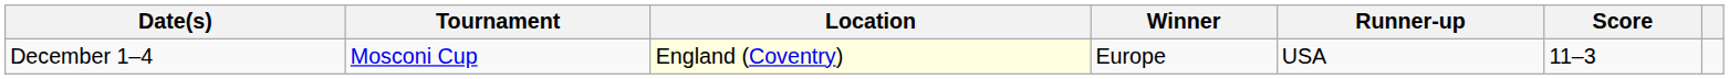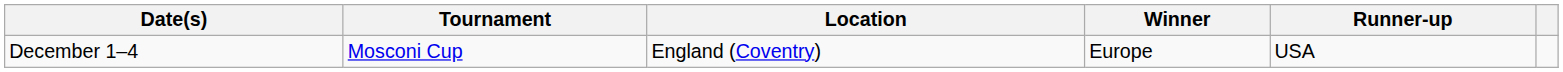 <table class="sortable wikitable" width="100%" cellpadding="5" style="margin: 1em auto 1em auto">
 <tr>
 <th scope="col">Date(s)</th>
 <th scope="col">Tournament</th>
 <th scope="col">Location</th>
 <th scope="col" class="unsortable">Winner</th>
 <th scope="col" class="unsortable">Runner-up</th>
-<th scope="col" class="unsortable">Score</th>
 <th scope="col" class="unsortable"></th>
 </tr>
 <tr>
 <td scope="row">December 1–4</td>
 <td><a href='#'>Mosconi Cup</a></td>
-<td style="background: lightyellow;">England (<a href='#'>Coventry</a>)</td>
+<td>England (<a href='#'>Coventry</a>)</td>
 <td>Europe</td>
 <td>USA</td>
-<td>11–3</td>
 <td style="text-align:center;"></td>
 </tr>
 </table>
